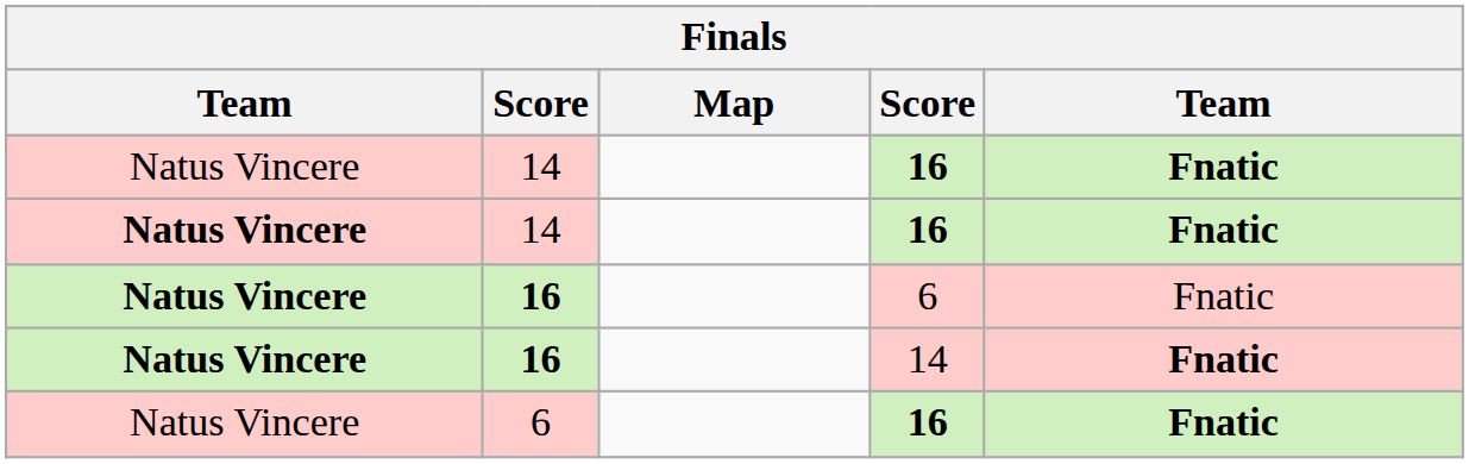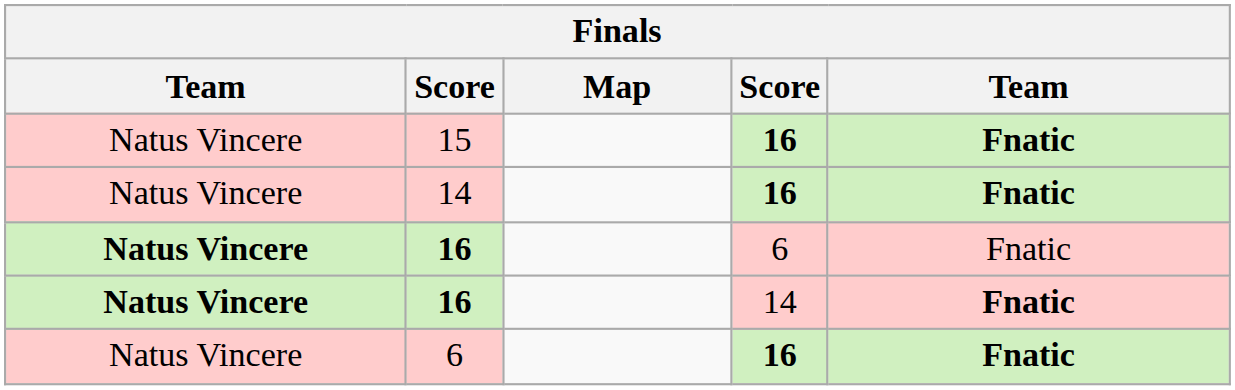 <table class="wikitable" style="text-align: center;">
 <tr>
 <th colspan=5>Finals</th>
 </tr>
 <tr>
 <th width="181px">Team</th>
 <th width="20px">Score</th>
 <th width="100px">Map</th>
 <th width="20px">Score</th>
 <th width="181px">Team</th>
 </tr>
 <tr>
 <td style="background: #FFCCCC;">Natus Vincere</td>
-<td style="background: #FFCCCC;">14</td>
+<td style="background: #FFCCCC;">15</td>
 <td></td>
 <td style="background: #D0F0C0;"><strong>16</strong></td>
 <td style="background: #D0F0C0;"><strong>Fnatic</strong></td>
 </tr>
 <tr>
-<td style="background: #FFCCCC;"><strong>Natus Vincere</strong></td>
+<td style="background: #FFCCCC;">Natus Vincere</td>
 <td style="background: #FFCCCC;">14</td>
 <td></td>
 <td style="background: #D0F0C0;"><strong>16</strong></td>
 <td style="background: #D0F0C0;"><strong>Fnatic</strong></td>
 </tr>
 <tr>
 <td style="background: #D0F0C0;"><strong>Natus Vincere</strong></td>
 <td style="background: #D0F0C0;"><strong>16</strong></td>
 <td></td>
 <td style="background: #FFCCCC;">6</td>
 <td style="background: #FFCCCC;">Fnatic</td>
 </tr>
 <tr>
 <td style="background: #D0F0C0;"><strong>Natus Vincere</strong></td>
 <td style="background: #D0F0C0;"><strong>16</strong></td>
 <td></td>
 <td style="background: #FFCCCC;">14</td>
 <td style="background: #FFCCCC;"><strong>Fnatic</strong></td>
 </tr>
 <tr>
 <td style="background: #FFCCCC;">Natus Vincere</td>
 <td style="background: #FFCCCC;">6</td>
 <td></td>
 <td style="background: #D0F0C0;"><strong>16</strong></td>
 <td style="background: #D0F0C0;"><strong>Fnatic</strong></td>
 </tr>
 </table>
